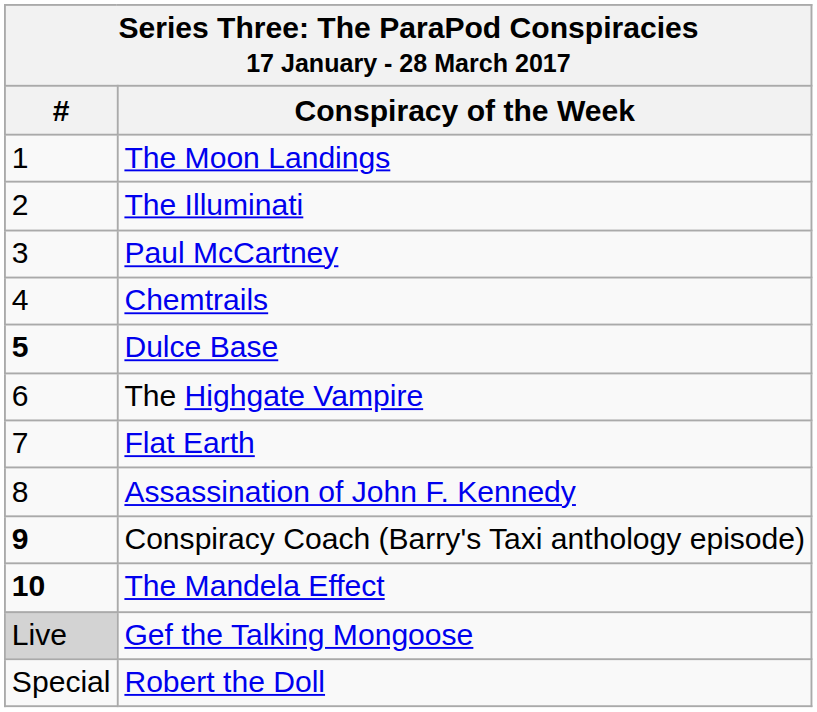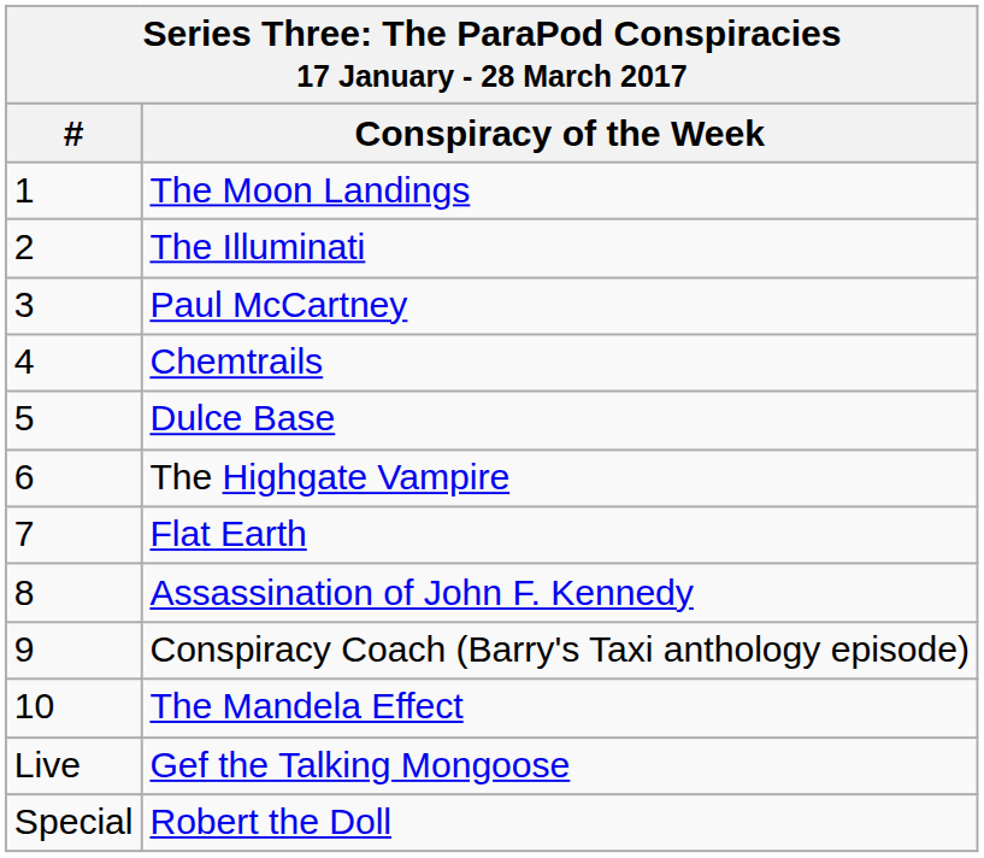 <table class="wikitable">
 <tr>
 <th colspan="3">Series Three: The ParaPod Conspiracies<br><small>17 January - 28 March 2017</small></th>
 </tr>
 <tr>
 <th>#</th>
 <th>Conspiracy of the Week</th>
 </tr>
 <tr>
 <td>1</td>
 <td><a href='#'>The Moon Landings</a></td>
 </tr>
 <tr>
 <td>2</td>
 <td><a href='#'>The Illuminati</a></td>
 </tr>
 <tr>
 <td>3</td>
 <td><a href='#'>Paul McCartney</a></td>
 </tr>
 <tr>
 <td>4</td>
 <td><a href='#'>Chemtrails</a></td>
 </tr>
 <tr>
-<td><strong>5</strong></td>
+<td>5</td>
 <td><a href='#'>Dulce Base</a></td>
 </tr>
 <tr>
 <td>6</td>
 <td>The <a href='#'>Highgate Vampire</a></td>
 </tr>
 <tr>
 <td>7</td>
 <td><a href='#'>Flat Earth</a></td>
 </tr>
 <tr>
 <td>8</td>
 <td><a href='#'>Assassination of John F. Kennedy</a></td>
 </tr>
 <tr>
-<td><strong>9</strong></td>
+<td>9</td>
 <td>Conspiracy Coach (Barry's Taxi anthology episode)</td>
 </tr>
 <tr>
-<td><strong>10</strong></td>
+<td>10</td>
 <td><a href='#'>The Mandela Effect</a></td>
 </tr>
 <tr>
-<td style="background: lightgrey;">Live</td>
+<td>Live</td>
 <td><a href='#'>Gef the Talking Mongoose</a></td>
 </tr>
 <tr>
 <td>Special</td>
 <td><a href='#'>Robert the Doll</a></td>
 </tr>
 </table>
